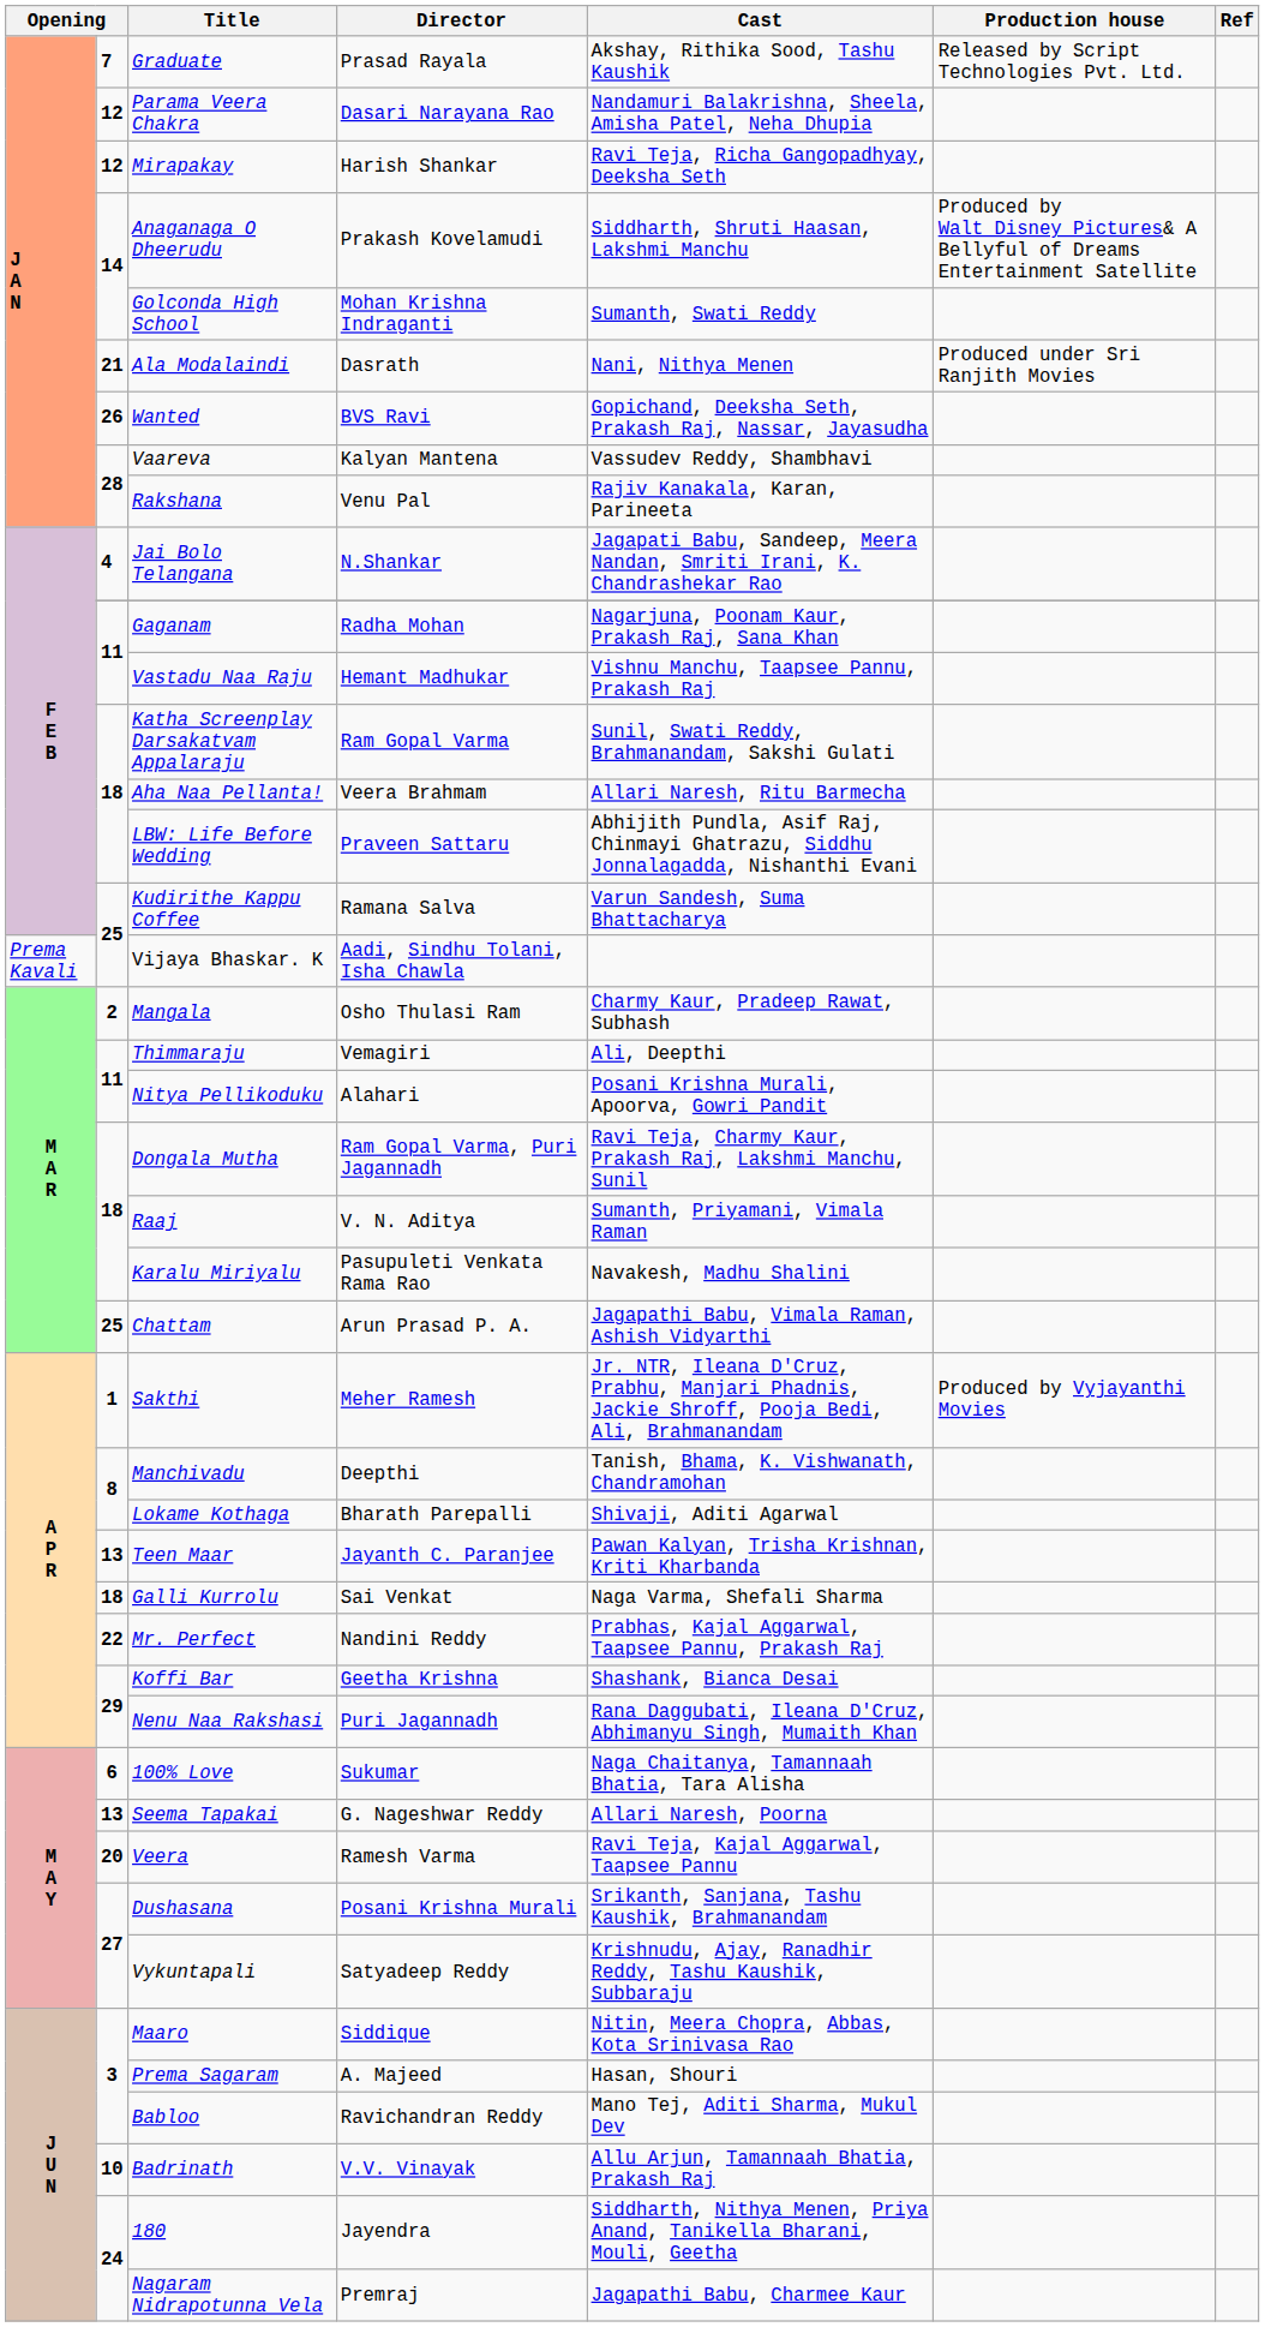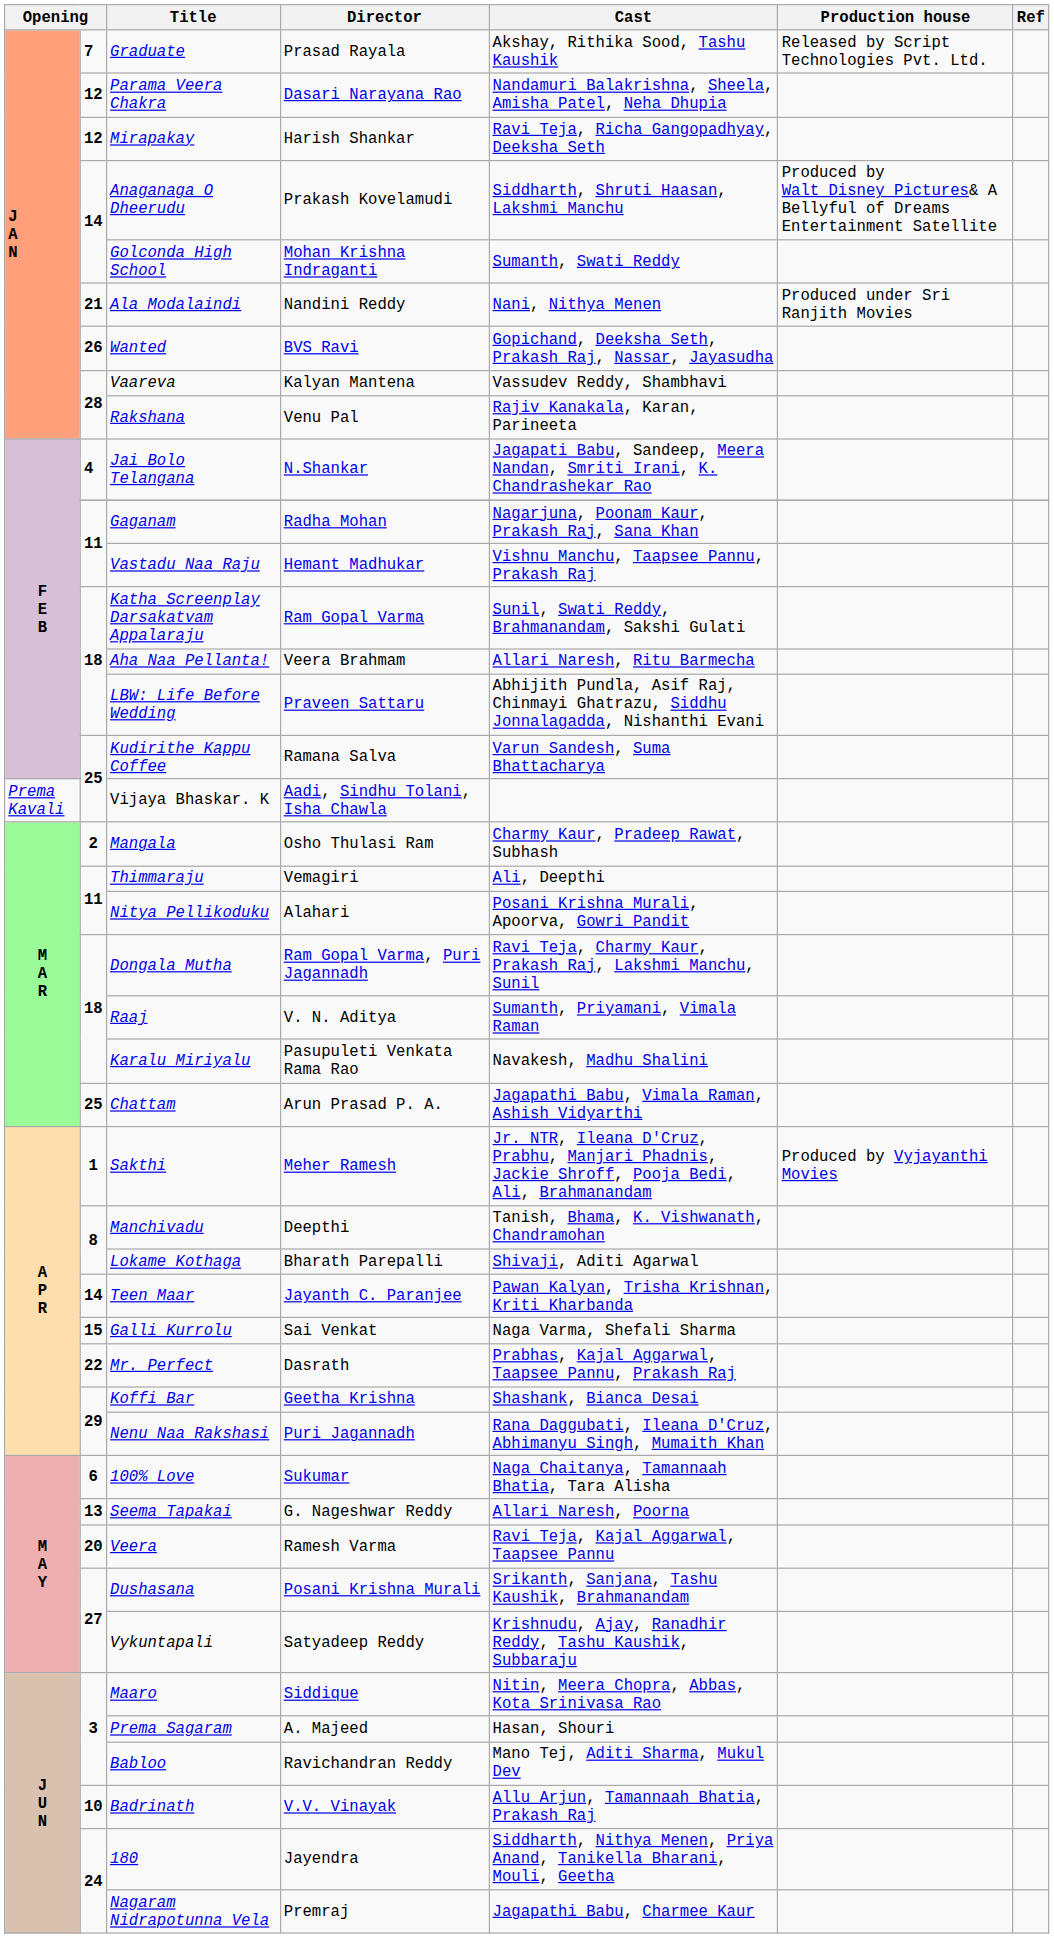 <table class="wikitable sortable">
 <tr style="background:#blue; text-align:center;">
 <th colspan="2">Opening</th>
 <th>Title</th>
 <th style="width:20%;"><strong>Director</strong></th>
 <th>Cast</th>
 <th>Production house</th>
 <th>Ref</th>
 </tr>
 <tr January!>
 <td rowspan="9"   style="text-align:left; background:#ffa07a; textcolor:#000;"><strong>J<br>A<br>N</strong></td>
 <td><strong>7</strong></td>
 <td><em><a href='#'>Graduate</a></em></td>
 <td>Prasad Rayala</td>
 <td>Akshay, Rithika Sood, <a href='#'>Tashu Kaushik</a></td>
 <td>Released by Script Technologies Pvt. Ltd.</td>
 <td></td>
 </tr>
 <tr>
 <td><strong>12</strong></td>
 <td><em><a href='#'>Parama Veera Chakra</a></em></td>
 <td><a href='#'>Dasari Narayana Rao</a></td>
 <td><a href='#'>Nandamuri Balakrishna</a>, <a href='#'>Sheela</a>, <a href='#'>Amisha Patel</a>, <a href='#'>Neha Dhupia</a></td>
 <td></td>
 <td></td>
 </tr>
 <tr>
 <td><strong>12</strong></td>
 <td><em><a href='#'>Mirapakay</a></em></td>
 <td>Harish Shankar</td>
 <td><a href='#'>Ravi Teja</a>, <a href='#'>Richa Gangopadhyay</a>, <a href='#'>Deeksha Seth</a></td>
 <td></td>
 <td></td>
 </tr>
 <tr>
 <td rowspan="2"><strong>14</strong></td>
 <td><em><a href='#'>Anaganaga O Dheerudu</a></em></td>
 <td>Prakash Kovelamudi</td>
 <td><a href='#'>Siddharth</a>, <a href='#'>Shruti Haasan</a>, <a href='#'>Lakshmi Manchu</a></td>
 <td>Produced by<br><a href='#'>Walt Disney Pictures</a>& A Bellyful of Dreams Entertainment Satellite</td>
 <td></td>
 </tr>
 <tr>
 <td><em><a href='#'>Golconda High School</a></em></td>
 <td><a href='#'>Mohan Krishna Indraganti</a></td>
 <td><a href='#'>Sumanth</a>, <a href='#'>Swati Reddy</a></td>
 <td></td>
 <td></td>
 </tr>
 <tr>
 <td><strong>21</strong></td>
 <td><em><a href='#'>Ala Modalaindi</a></em></td>
-<td>Dasrath</td>
+<td>Nandini Reddy</td>
 <td><a href='#'>Nani</a>, <a href='#'>Nithya Menen</a></td>
 <td>Produced under Sri Ranjith Movies</td>
 <td></td>
 </tr>
 <tr>
 <td><strong>26</strong></td>
 <td><em><a href='#'>Wanted</a></em></td>
 <td><a href='#'>BVS Ravi</a></td>
 <td><a href='#'>Gopichand</a>, <a href='#'>Deeksha Seth</a>, <a href='#'>Prakash Raj</a>, <a href='#'>Nassar</a>, <a href='#'>Jayasudha</a></td>
 <td></td>
 <td></td>
 </tr>
 <tr>
 <td rowspan="2"><strong>28</strong></td>
 <td><em>Vaareva</em></td>
 <td>Kalyan Mantena</td>
 <td>Vassudev Reddy, Shambhavi</td>
 <td></td>
 <td></td>
 </tr>
 <tr>
 <td><em><a href='#'>Rakshana</a></em></td>
 <td>Venu Pal</td>
 <td><a href='#'>Rajiv Kanakala</a>, Karan, Parineeta</td>
 <td></td>
 <td></td>
 </tr>
 <tr>
 <td rowspan="8"   style="text-align:center; background:thistle; textcolor:#000;"><strong>F<br>E<br>B</strong></td>
 <td><strong>4</strong></td>
 <td><em><a href='#'>Jai Bolo Telangana</a></em></td>
 <td><a href='#'>N.Shankar</a></td>
 <td><a href='#'>Jagapati Babu</a>, Sandeep, <a href='#'>Meera Nandan</a>, <a href='#'>Smriti Irani</a>, <a href='#'>K. Chandrashekar Rao</a></td>
 <td></td>
 <td></td>
 </tr>
 <tr>
 </tr>
 <tr>
 <td rowspan="2"><strong>11</strong></td>
 <td><em><a href='#'>Gaganam</a></em></td>
 <td><a href='#'>Radha Mohan</a></td>
 <td><a href='#'>Nagarjuna</a>, <a href='#'>Poonam Kaur</a>, <a href='#'>Prakash Raj</a>, <a href='#'>Sana Khan</a></td>
 <td></td>
 <td></td>
 </tr>
 <tr>
 <td><em><a href='#'>Vastadu Naa Raju</a></em></td>
 <td><a href='#'>Hemant Madhukar</a></td>
 <td><a href='#'>Vishnu Manchu</a>, <a href='#'>Taapsee Pannu</a>, <a href='#'>Prakash Raj</a></td>
 <td></td>
 <td></td>
 </tr>
 <tr>
 <td rowspan="3"><strong>18</strong></td>
 <td><em><a href='#'>Katha Screenplay Darsakatvam Appalaraju</a></em></td>
 <td><a href='#'>Ram Gopal Varma</a></td>
 <td><a href='#'>Sunil</a>, <a href='#'>Swati Reddy</a>, <a href='#'>Brahmanandam</a>, Sakshi Gulati</td>
 <td></td>
 <td></td>
 </tr>
 <tr>
 <td><em><a href='#'>Aha Naa Pellanta!</a></em></td>
 <td>Veera Brahmam</td>
 <td><a href='#'>Allari Naresh</a>, <a href='#'>Ritu Barmecha</a></td>
 <td></td>
 <td></td>
 </tr>
 <tr>
 <td><em><a href='#'>LBW: Life Before Wedding</a></em></td>
 <td><a href='#'>Praveen Sattaru</a></td>
 <td>Abhijith Pundla, Asif Raj, Chinmayi Ghatrazu, <a href='#'>Siddhu Jonnalagadda</a>, Nishanthi Evani</td>
 <td></td>
 <td></td>
 </tr>
 <tr>
 <td rowspan="2"><strong>25</strong></td>
 <td><em><a href='#'>Kudirithe Kappu Coffee</a></em></td>
 <td>Ramana Salva</td>
 <td><a href='#'>Varun Sandesh</a>, <a href='#'>Suma Bhattacharya</a></td>
 <td></td>
 <td></td>
 </tr>
 <tr>
 <td><em><a href='#'>Prema Kavali</a></em></td>
 <td>Vijaya Bhaskar. K</td>
 <td><a href='#'>Aadi</a>, <a href='#'>Sindhu Tolani</a>, <a href='#'>Isha Chawla</a></td>
 <td></td>
 <td></td>
 </tr>
 <tr March!>
 <td rowspan="7" style="text-align:center; background:#98fb98; textcolor:#000;"><strong>M<br>A<br>R</strong></td>
 <td style="text-align:center;"><strong>2</strong></td>
 <td><em><a href='#'>Mangala</a></em></td>
 <td>Osho Thulasi Ram</td>
 <td><a href='#'>Charmy Kaur</a>, <a href='#'>Pradeep Rawat</a>, Subhash</td>
 <td></td>
 <td></td>
 </tr>
 <tr>
 <td rowspan="2" style="text-align:center;"><strong>11</strong></td>
 <td><em><a href='#'>Thimmaraju</a></em></td>
 <td>Vemagiri</td>
 <td><a href='#'>Ali</a>, Deepthi</td>
 <td></td>
 <td></td>
 </tr>
 <tr>
 <td><em><a href='#'>Nitya Pellikoduku</a></em></td>
 <td>Alahari</td>
 <td><a href='#'>Posani Krishna Murali</a>, Apoorva, <a href='#'>Gowri Pandit</a></td>
 <td></td>
 <td></td>
 </tr>
 <tr>
 <td rowspan="3" style="text-align:center;"><strong>18</strong></td>
 <td><em><a href='#'>Dongala Mutha</a></em></td>
 <td><a href='#'>Ram Gopal Varma</a>, <a href='#'>Puri Jagannadh</a></td>
 <td><a href='#'>Ravi Teja</a>, <a href='#'>Charmy Kaur</a>, <a href='#'>Prakash Raj</a>, <a href='#'>Lakshmi Manchu</a>, <a href='#'>Sunil</a></td>
 <td></td>
 <td></td>
 </tr>
 <tr>
 <td><em><a href='#'>Raaj</a></em></td>
 <td>V. N. Aditya</td>
 <td><a href='#'>Sumanth</a>, <a href='#'>Priyamani</a>, <a href='#'>Vimala Raman</a></td>
 <td></td>
 <td></td>
 </tr>
 <tr>
 <td><em><a href='#'>Karalu Miriyalu</a></em></td>
 <td>Pasupuleti Venkata Rama Rao</td>
 <td>Navakesh, <a href='#'>Madhu Shalini</a></td>
 <td></td>
 <td></td>
 </tr>
 <tr>
 <td style="text-align:center;"><strong>25</strong></td>
 <td><em><a href='#'>Chattam</a></em></td>
 <td>Arun Prasad P. A.</td>
 <td><a href='#'>Jagapathi Babu</a>, <a href='#'>Vimala Raman</a>, <a href='#'>Ashish Vidyarthi</a></td>
 <td></td>
 <td></td>
 </tr>
 <tr April!>
 <td rowspan="8" style="text-align:center; background:#ffdead; textcolor:#000;"><strong>A<br>P<br>R</strong></td>
 <td style="text-align:center;"><strong>1</strong></td>
 <td><em><a href='#'>Sakthi</a></em></td>
 <td><a href='#'>Meher Ramesh</a></td>
 <td><a href='#'>Jr. NTR</a>, <a href='#'>Ileana D'Cruz</a>, <a href='#'>Prabhu</a>, <a href='#'>Manjari Phadnis</a>, <a href='#'>Jackie Shroff</a>, <a href='#'>Pooja Bedi</a>, <a href='#'>Ali</a>, <a href='#'>Brahmanandam</a></td>
 <td>Produced by <a href='#'>Vyjayanthi Movies</a></td>
 <td></td>
 </tr>
 <tr>
 <td rowspan="2" style="text-align:center;"><strong>8</strong></td>
 <td><em><a href='#'>Manchivadu</a></em></td>
 <td>Deepthi</td>
 <td>Tanish, <a href='#'>Bhama</a>, <a href='#'>K. Vishwanath</a>, <a href='#'>Chandramohan</a></td>
 <td></td>
 <td></td>
 </tr>
 <tr>
 <td><em><a href='#'>Lokame Kothaga</a></em></td>
 <td>Bharath Parepalli</td>
 <td><a href='#'>Shivaji</a>, Aditi Agarwal</td>
 <td></td>
 <td></td>
 </tr>
 <tr>
-<td style="text-align:center;"><strong>13</strong></td>
+<td style="text-align:center;"><strong>14</strong></td>
 <td><em><a href='#'>Teen Maar</a></em></td>
 <td><a href='#'>Jayanth C. Paranjee</a></td>
 <td><a href='#'>Pawan Kalyan</a>, <a href='#'>Trisha Krishnan</a>, <a href='#'>Kriti Kharbanda</a></td>
 <td></td>
 <td></td>
 </tr>
 <tr>
-<td style="text-align:center;"><strong>18</strong></td>
+<td style="text-align:center;"><strong>15</strong></td>
 <td><em><a href='#'>Galli Kurrolu</a></em></td>
 <td>Sai Venkat</td>
 <td>Naga Varma, Shefali Sharma</td>
 <td></td>
 <td></td>
 </tr>
 <tr>
 <td style="text-align:center;"><strong>22</strong></td>
 <td><em><a href='#'>Mr. Perfect</a></em></td>
-<td>Nandini Reddy</td>
+<td>Dasrath</td>
 <td><a href='#'>Prabhas</a>, <a href='#'>Kajal Aggarwal</a>, <a href='#'>Taapsee Pannu</a>, <a href='#'>Prakash Raj</a></td>
 <td></td>
 <td></td>
 </tr>
 <tr>
 <td rowspan="2" style="text-align:center;"><strong>29</strong></td>
 <td><em><a href='#'>Koffi Bar</a></em></td>
 <td><a href='#'>Geetha Krishna</a></td>
 <td><a href='#'>Shashank</a>, <a href='#'>Bianca Desai</a></td>
 <td></td>
 <td></td>
 </tr>
 <tr>
 <td><em><a href='#'>Nenu Naa Rakshasi</a></em></td>
 <td><a href='#'>Puri Jagannadh</a></td>
 <td><a href='#'>Rana Daggubati</a>, <a href='#'>Ileana D'Cruz</a>, <a href='#'>Abhimanyu Singh</a>, <a href='#'>Mumaith Khan</a></td>
 <td></td>
 <td></td>
 </tr>
 <tr May!>
 <td rowspan="5" style="text-align:center; background:#edafaf; textcolor:#000;"><strong>M<br>A<br>Y</strong></td>
 <td style="text-align:center;"><strong>6</strong></td>
 <td><em><a href='#'>100% Love</a></em></td>
 <td><a href='#'>Sukumar</a></td>
 <td><a href='#'>Naga Chaitanya</a>, <a href='#'>Tamannaah Bhatia</a>, Tara Alisha</td>
 <td></td>
 <td></td>
 </tr>
 <tr>
 <td style="text-align:center;"><strong>13</strong></td>
 <td><em><a href='#'>Seema Tapakai</a></em></td>
 <td>G. Nageshwar Reddy</td>
 <td><a href='#'>Allari Naresh</a>, <a href='#'>Poorna</a></td>
 <td></td>
 <td></td>
 </tr>
 <tr>
 <td style="text-align:center;"><strong>20</strong></td>
 <td><em><a href='#'>Veera</a></em></td>
 <td>Ramesh Varma</td>
 <td><a href='#'>Ravi Teja</a>, <a href='#'>Kajal Aggarwal</a>, <a href='#'>Taapsee Pannu</a></td>
 <td></td>
 <td></td>
 </tr>
 <tr>
 <td rowspan="2" style="text-align:center;"><strong>27</strong></td>
 <td><em><a href='#'>Dushasana</a></em></td>
 <td><a href='#'>Posani Krishna Murali</a></td>
 <td><a href='#'>Srikanth</a>, <a href='#'>Sanjana</a>, <a href='#'>Tashu Kaushik</a>, <a href='#'>Brahmanandam</a></td>
 <td></td>
 <td></td>
 </tr>
 <tr>
 <td><em>Vykuntapali</em></td>
 <td>Satyadeep Reddy</td>
 <td><a href='#'>Krishnudu</a>, <a href='#'>Ajay</a>, <a href='#'>Ranadhir Reddy</a>, <a href='#'>Tashu Kaushik</a>, <a href='#'>Subbaraju</a></td>
 <td></td>
 <td></td>
 </tr>
 <tr June!>
 <td rowspan="6" style="text-align:center; background:#d9c1b0; textcolor:#000;"><strong>J<br>U<br>N</strong></td>
 <td rowspan="3" style="text-align:center;"><strong>3</strong></td>
 <td><em><a href='#'>Maaro</a></em></td>
 <td><a href='#'>Siddique</a></td>
 <td><a href='#'>Nitin</a>, <a href='#'>Meera Chopra</a>, <a href='#'>Abbas</a>, <a href='#'>Kota Srinivasa Rao</a></td>
 <td></td>
 <td></td>
 </tr>
 <tr>
 <td><em><a href='#'>Prema Sagaram</a></em></td>
 <td>A. Majeed</td>
 <td>Hasan, Shouri</td>
 <td></td>
 <td></td>
 </tr>
 <tr>
 <td><em><a href='#'>Babloo</a></em></td>
 <td>Ravichandran Reddy</td>
 <td>Mano Tej, <a href='#'>Aditi Sharma</a>, <a href='#'>Mukul Dev</a></td>
 <td></td>
 <td></td>
 </tr>
 <tr>
 <td style="text-align:center;"><strong>10</strong></td>
 <td><em><a href='#'>Badrinath</a></em></td>
 <td><a href='#'>V.V. Vinayak</a></td>
 <td><a href='#'>Allu Arjun</a>, <a href='#'>Tamannaah Bhatia</a>, <a href='#'>Prakash Raj</a></td>
 <td></td>
 <td></td>
 </tr>
 <tr>
 <td rowspan="2" style="text-align:center;"><strong>24</strong></td>
 <td><em><a href='#'>180</a></em></td>
 <td>Jayendra</td>
 <td><a href='#'>Siddharth</a>, <a href='#'>Nithya Menen</a>, <a href='#'>Priya Anand</a>, <a href='#'>Tanikella Bharani</a>, <a href='#'>Mouli</a>, <a href='#'>Geetha</a></td>
 <td></td>
 <td></td>
 </tr>
 <tr>
 <td><em><a href='#'>Nagaram Nidrapotunna Vela</a></em></td>
 <td>Premraj</td>
 <td><a href='#'>Jagapathi Babu</a>, <a href='#'>Charmee Kaur</a></td>
 <td></td>
 <td></td>
 </tr>
 </table>
